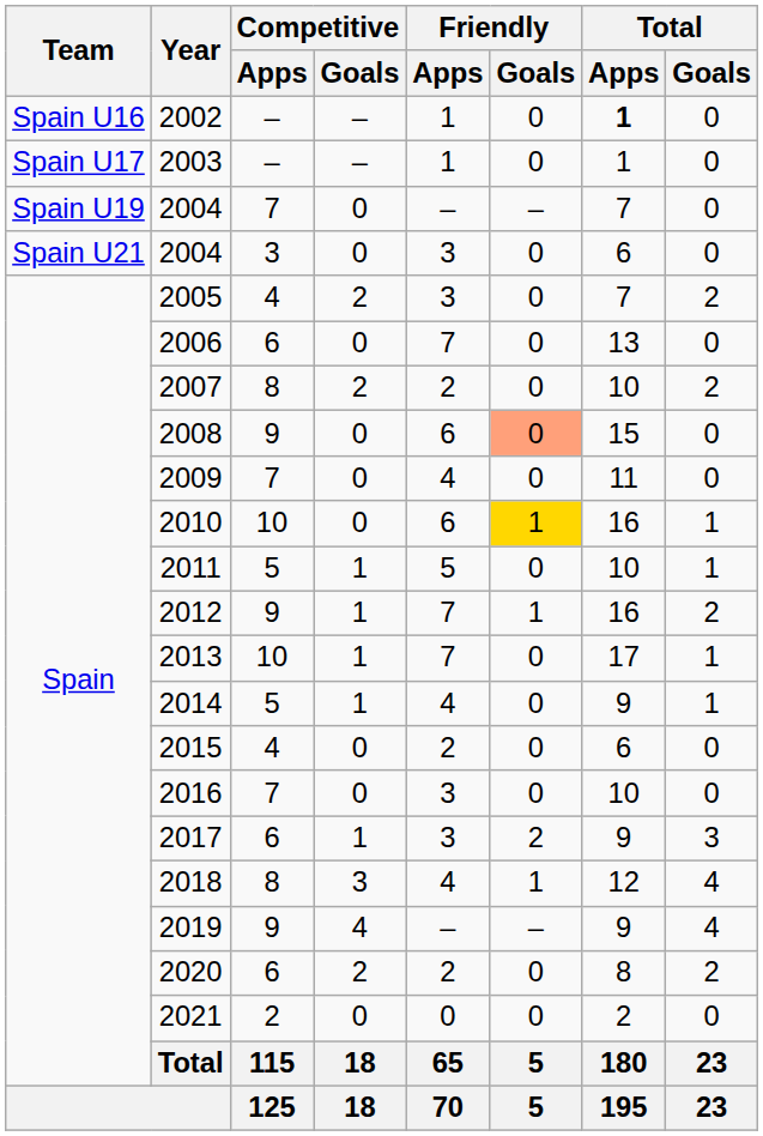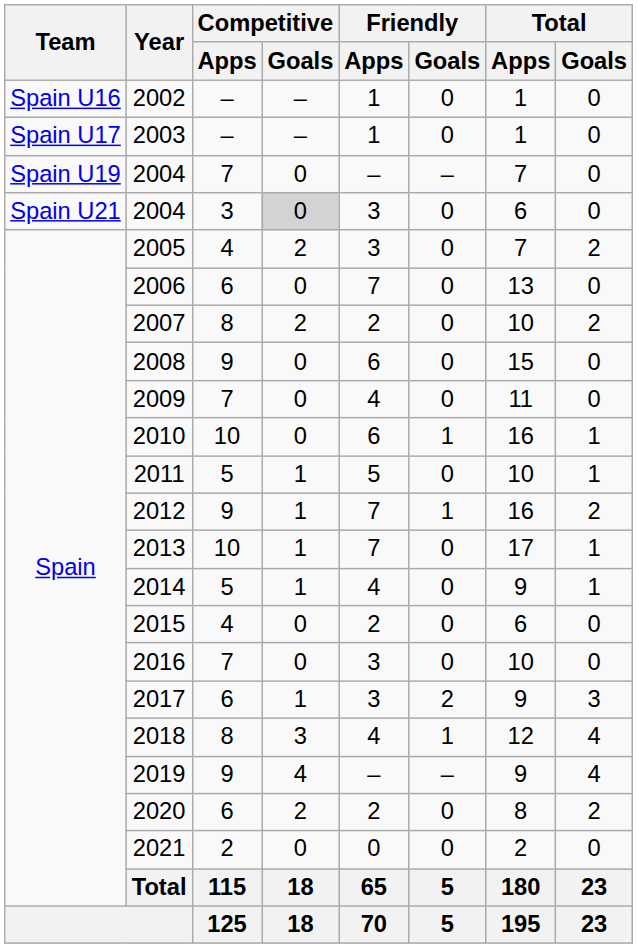 <table class="wikitable" style="text-align: center;">
 <tr>
 <th rowspan="2">Team</th>
 <th rowspan="2">Year</th>
 <th colspan="2">Competitive</th>
 <th colspan="2">Friendly</th>
 <th colspan="2">Total</th>
 </tr>
 <tr>
 <th>Apps</th>
 <th>Goals</th>
 <th>Apps</th>
 <th>Goals</th>
 <th>Apps</th>
 <th>Goals</th>
 </tr>
 <tr>
 <td><a href='#'>Spain U16</a></td>
 <td>2002</td>
 <td>–</td>
 <td>–</td>
 <td>1</td>
 <td>0</td>
-<td><strong>1</strong></td>
+<td>1</td>
 <td>0</td>
 </tr>
 <tr>
 <td><a href='#'>Spain U17</a></td>
 <td>2003</td>
 <td>–</td>
 <td>–</td>
 <td>1</td>
 <td>0</td>
 <td>1</td>
 <td>0</td>
 </tr>
 <tr>
 <td><a href='#'>Spain U19</a></td>
 <td>2004</td>
 <td>7</td>
 <td>0</td>
 <td>–</td>
 <td>–</td>
 <td>7</td>
 <td>0</td>
 </tr>
 <tr>
 <td><a href='#'>Spain U21</a></td>
 <td>2004</td>
 <td>3</td>
-<td>0</td>
+<td style="background: lightgrey;">0</td>
 <td>3</td>
 <td>0</td>
 <td>6</td>
 <td>0</td>
 </tr>
 <tr>
 <td rowspan="18"><a href='#'>Spain</a></td>
 <td>2005</td>
 <td>4</td>
 <td>2</td>
 <td>3</td>
 <td>0</td>
 <td>7</td>
 <td>2</td>
 </tr>
 <tr>
 <td>2006</td>
 <td>6</td>
 <td>0</td>
 <td>7</td>
 <td>0</td>
 <td>13</td>
 <td>0</td>
 </tr>
 <tr>
 <td>2007</td>
 <td>8</td>
 <td>2</td>
 <td>2</td>
 <td>0</td>
 <td>10</td>
 <td>2</td>
 </tr>
 <tr>
 <td>2008</td>
 <td>9</td>
 <td>0</td>
 <td>6</td>
-<td style="background: lightsalmon;">0</td>
+<td>0</td>
 <td>15</td>
 <td>0</td>
 </tr>
 <tr>
 <td>2009</td>
 <td>7</td>
 <td>0</td>
 <td>4</td>
 <td>0</td>
 <td>11</td>
 <td>0</td>
 </tr>
 <tr>
 <td>2010</td>
 <td>10</td>
 <td>0</td>
 <td>6</td>
-<td style="background: gold;">1</td>
+<td>1</td>
 <td>16</td>
 <td>1</td>
 </tr>
 <tr>
 <td>2011</td>
 <td>5</td>
 <td>1</td>
 <td>5</td>
 <td>0</td>
 <td>10</td>
 <td>1</td>
 </tr>
 <tr>
 <td>2012</td>
 <td>9</td>
 <td>1</td>
 <td>7</td>
 <td>1</td>
 <td>16</td>
 <td>2</td>
 </tr>
 <tr>
 <td>2013</td>
 <td>10</td>
 <td>1</td>
 <td>7</td>
 <td>0</td>
 <td>17</td>
 <td>1</td>
 </tr>
 <tr>
 <td>2014</td>
 <td>5</td>
 <td>1</td>
 <td>4</td>
 <td>0</td>
 <td>9</td>
 <td>1</td>
 </tr>
 <tr>
 <td>2015</td>
 <td>4</td>
 <td>0</td>
 <td>2</td>
 <td>0</td>
 <td>6</td>
 <td>0</td>
 </tr>
 <tr>
 <td>2016</td>
 <td>7</td>
 <td>0</td>
 <td>3</td>
 <td>0</td>
 <td>10</td>
 <td>0</td>
 </tr>
 <tr>
 <td>2017</td>
 <td>6</td>
 <td>1</td>
 <td>3</td>
 <td>2</td>
 <td>9</td>
 <td>3</td>
 </tr>
 <tr>
 <td>2018</td>
 <td>8</td>
 <td>3</td>
 <td>4</td>
 <td>1</td>
 <td>12</td>
 <td>4</td>
 </tr>
 <tr>
 <td>2019</td>
 <td>9</td>
 <td>4</td>
 <td>–</td>
 <td>–</td>
 <td>9</td>
 <td>4</td>
 </tr>
 <tr>
 <td>2020</td>
 <td>6</td>
 <td>2</td>
 <td>2</td>
 <td>0</td>
 <td>8</td>
 <td>2</td>
 </tr>
 <tr>
 <td>2021</td>
 <td>2</td>
 <td>0</td>
 <td>0</td>
 <td>0</td>
 <td>2</td>
 <td>0</td>
 </tr>
 <tr>
 <th>Total</th>
 <th>115</th>
 <th>18</th>
 <th>65</th>
 <th>5</th>
 <th>180</th>
 <th>23</th>
 </tr>
 <tr>
 <th colspan="2"></th>
 <th>125</th>
 <th>18</th>
 <th>70</th>
 <th>5</th>
 <th>195</th>
 <th>23</th>
 </tr>
 </table>
